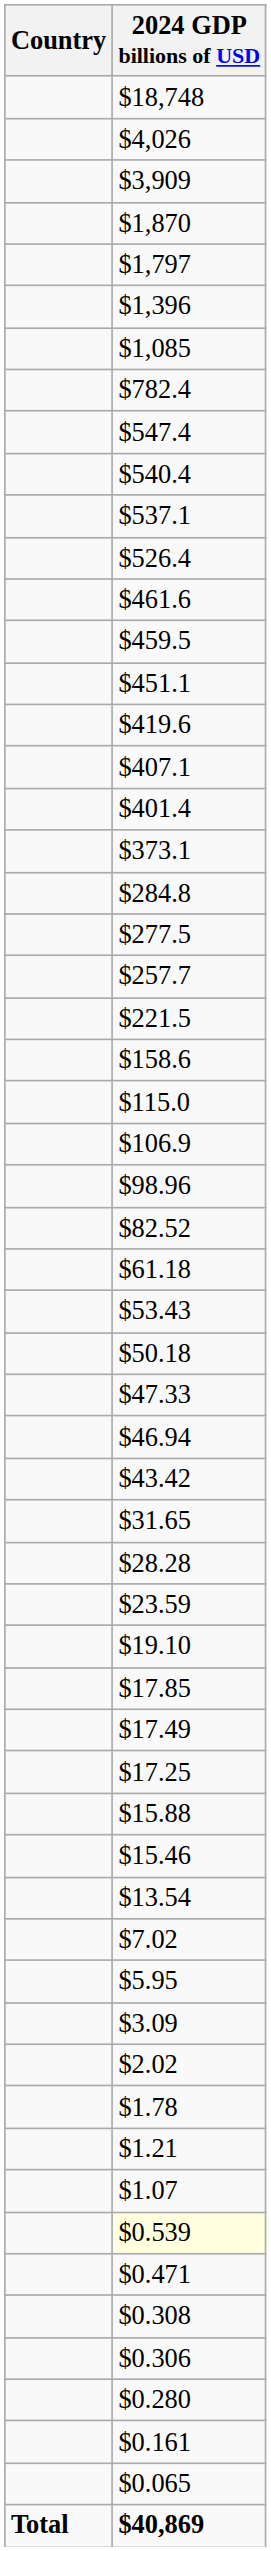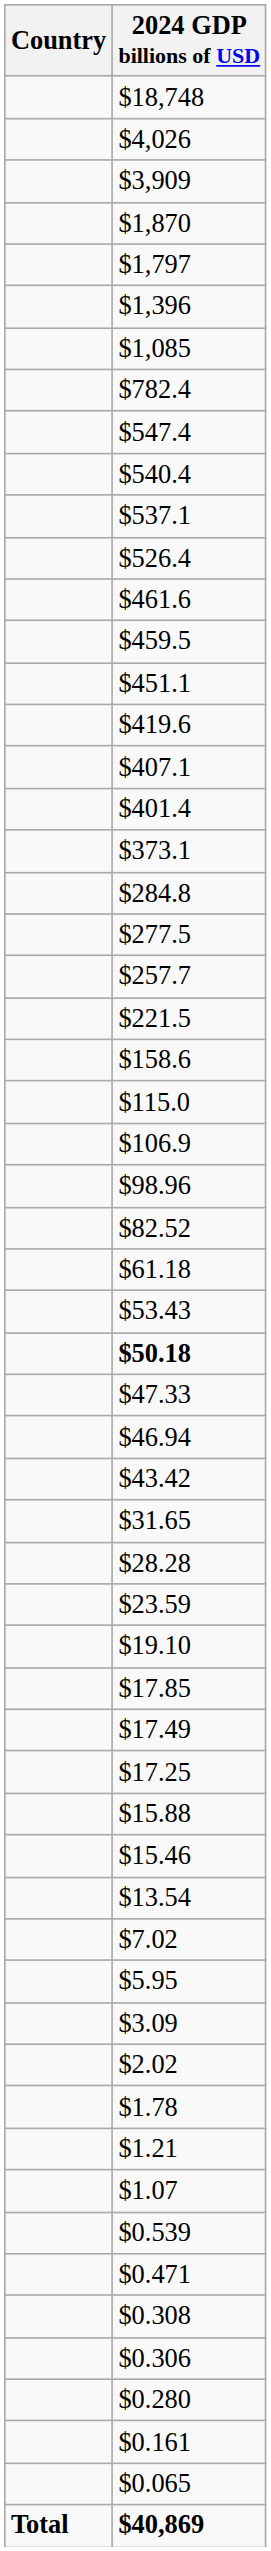 <table class="sortable wikitable sticky-header static-row-numbers col1left" >
 <tr>
 <th>Country</th>
 <th>2024 GDP<br><small>billions of <a href='#'>USD</a></small></th>
 </tr>
 <tr>
 <td></td>
 <td>$18,748</td>
 </tr>
 <tr>
 <td></td>
 <td>$4,026</td>
 </tr>
 <tr>
 <td></td>
 <td>$3,909</td>
 </tr>
 <tr>
 <td></td>
 <td>$1,870</td>
 </tr>
 <tr>
 <td></td>
 <td>$1,797</td>
 </tr>
 <tr>
 <td></td>
 <td>$1,396</td>
 </tr>
 <tr>
 <td></td>
 <td>$1,085</td>
 </tr>
 <tr>
 <td></td>
 <td>$782.4</td>
 </tr>
 <tr>
 <td></td>
 <td>$547.4</td>
 </tr>
 <tr>
 <td></td>
 <td>$540.4</td>
 </tr>
 <tr>
 <td></td>
 <td>$537.1</td>
 </tr>
 <tr>
 <td></td>
 <td>$526.4</td>
 </tr>
 <tr>
 <td></td>
 <td>$461.6</td>
 </tr>
 <tr>
 <td></td>
 <td>$459.5</td>
 </tr>
 <tr>
 <td></td>
 <td>$451.1</td>
 </tr>
 <tr>
 <td></td>
 <td>$419.6</td>
 </tr>
 <tr>
 <td></td>
 <td>$407.1</td>
 </tr>
 <tr>
 <td></td>
 <td>$401.4</td>
 </tr>
 <tr>
 <td></td>
 <td>$373.1</td>
 </tr>
 <tr>
 <td></td>
 <td>$284.8</td>
 </tr>
 <tr>
 <td></td>
 <td>$277.5</td>
 </tr>
 <tr>
 <td></td>
 <td>$257.7</td>
 </tr>
 <tr>
 <td></td>
 <td>$221.5</td>
 </tr>
 <tr>
 <td></td>
 <td>$158.6</td>
 </tr>
 <tr>
 <td></td>
 <td>$115.0</td>
 </tr>
 <tr>
 <td></td>
 <td>$106.9</td>
 </tr>
 <tr>
 <td></td>
 <td>$98.96</td>
 </tr>
 <tr>
 <td></td>
 <td>$82.52</td>
 </tr>
 <tr>
 <td></td>
 <td>$61.18</td>
 </tr>
 <tr>
 <td></td>
 <td>$53.43</td>
 </tr>
 <tr>
 <td></td>
-<td>$50.18</td>
+<td><strong>$50.18</strong></td>
 </tr>
 <tr>
 <td></td>
 <td>$47.33</td>
 </tr>
 <tr>
 <td></td>
 <td>$46.94</td>
 </tr>
 <tr>
 <td></td>
 <td>$43.42</td>
 </tr>
 <tr>
 <td></td>
 <td>$31.65</td>
 </tr>
 <tr>
 <td></td>
 <td>$28.28</td>
 </tr>
 <tr>
 <td></td>
 <td>$23.59</td>
 </tr>
 <tr>
 <td></td>
 <td>$19.10</td>
 </tr>
 <tr>
 <td></td>
 <td>$17.85</td>
 </tr>
 <tr>
 <td></td>
 <td>$17.49</td>
 </tr>
 <tr>
 <td></td>
 <td>$17.25</td>
 </tr>
 <tr>
 <td></td>
 <td>$15.88</td>
 </tr>
 <tr>
 <td></td>
 <td>$15.46</td>
 </tr>
 <tr>
 <td></td>
 <td>$13.54</td>
 </tr>
 <tr>
 <td></td>
 <td>$7.02</td>
 </tr>
 <tr>
 <td></td>
 <td>$5.95</td>
 </tr>
 <tr>
 <td></td>
 <td>$3.09</td>
 </tr>
 <tr>
 <td></td>
 <td>$2.02</td>
 </tr>
 <tr>
 <td></td>
 <td>$1.78</td>
 </tr>
 <tr>
 <td></td>
 <td>$1.21</td>
 </tr>
 <tr>
 <td></td>
 <td>$1.07</td>
 </tr>
 <tr>
 <td></td>
-<td style="background: lightyellow;">$0.539</td>
+<td>$0.539</td>
 </tr>
 <tr>
 <td></td>
 <td>$0.471</td>
 </tr>
 <tr>
 <td></td>
 <td>$0.308</td>
 </tr>
 <tr>
 <td></td>
 <td>$0.306</td>
 </tr>
 <tr>
 <td></td>
 <td>$0.280</td>
 </tr>
 <tr>
 <td></td>
 <td>$0.161</td>
 </tr>
 <tr>
 <td></td>
 <td>$0.065</td>
 </tr>
 <tr class="static-row-numbers-norank">
 <td><strong> Total </strong></td>
 <td><strong>$40,869</strong></td>
 </tr>
 </table>
